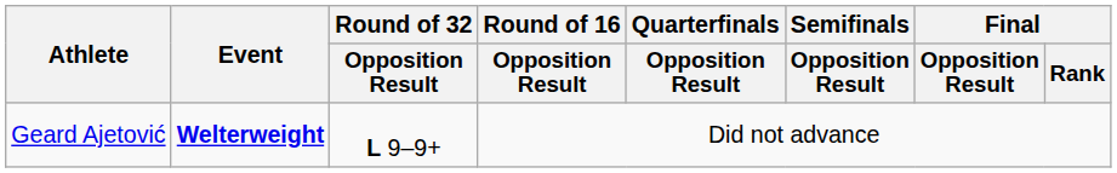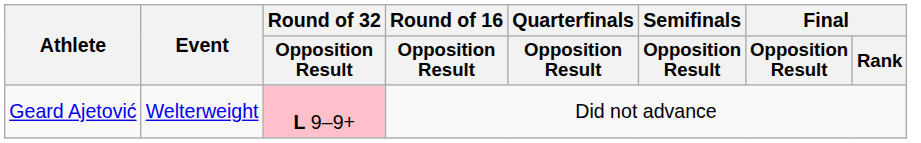 <table class="wikitable" style="font-size:90%">
 <tr>
 <th rowspan="2">Athlete</th>
 <th rowspan="2">Event</th>
 <th>Round of 32</th>
 <th>Round of 16</th>
 <th>Quarterfinals</th>
 <th>Semifinals</th>
 <th colspan=2>Final</th>
 </tr>
 <tr style="font-size:95%">
 <th>Opposition<br>Result</th>
 <th>Opposition<br>Result</th>
 <th>Opposition<br>Result</th>
 <th>Opposition<br>Result</th>
 <th>Opposition<br>Result</th>
 <th>Rank</th>
 </tr>
 <tr align=center>
 <td align=left><a href='#'>Geard Ajetović</a></td>
-<td align=left><strong><a href='#'>Welterweight</a></strong></td>
-<td><br><strong>L</strong> 9–9+</td>
+<td align=left><a href='#'>Welterweight</a></td>
+<td style="background: pink;"><br><strong>L</strong> 9–9+</td>
 <td colspan=5>Did not advance</td>
 </tr>
 </table>
